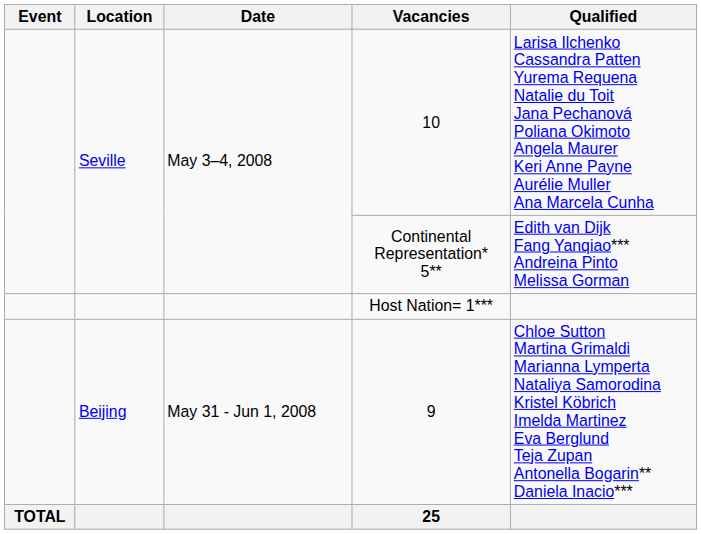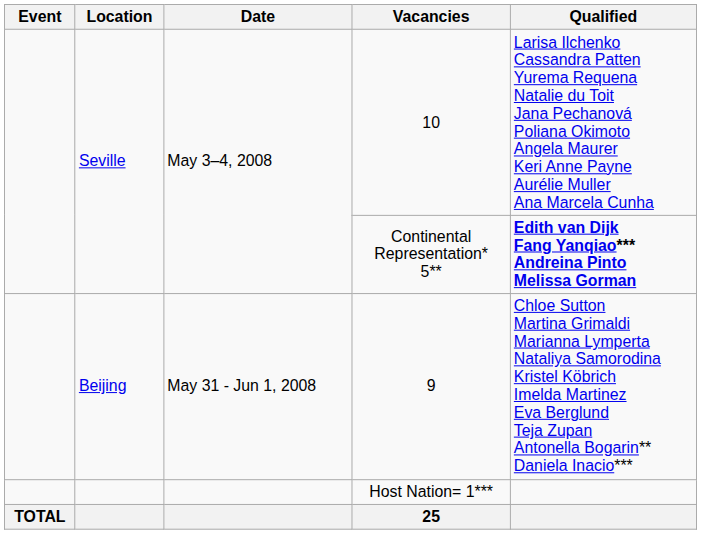 <table class=wikitable style="text-align:left" width=700>
 <tr>
 <th>Event</th>
 <th>Location</th>
 <th>Date</th>
 <th>Vacancies</th>
 <th>Qualified</th>
 </tr>
 <tr>
 <td rowspan=2></td>
 <td rowspan=2> <a href='#'>Seville</a></td>
 <td rowspan=2>May 3–4, 2008</td>
 <td align="center">10</td>
 <td> <a href='#'>Larisa Ilchenko</a> <br> <a href='#'>Cassandra Patten</a><br>  <a href='#'>Yurema Requena</a> <br> <a href='#'>Natalie du Toit</a><br> <a href='#'>Jana Pechanová</a><br> <a href='#'>Poliana Okimoto</a><br> <a href='#'>Angela Maurer</a><br> <a href='#'>Keri Anne Payne</a><br> <a href='#'>Aurélie Muller</a><br> <a href='#'>Ana Marcela Cunha</a></td>
 </tr>
 <tr>
 <td align="center">Continental <br> Representation* <br>5**</td>
-<td> <a href='#'>Edith van Dijk</a><br> <a href='#'>Fang Yanqiao</a>*** <br> <a href='#'>Andreina Pinto</a> <br> <a href='#'>Melissa Gorman</a></td>
+<td><strong> <a href='#'>Edith van Dijk</a><br> <a href='#'>Fang Yanqiao</a>*** <br> <a href='#'>Andreina Pinto</a> <br> <a href='#'>Melissa Gorman</a></strong></td>
+</tr>
+<tr>
+<td></td>
+<td> <a href='#'>Beijing</a></td>
+<td>May 31 - Jun 1, 2008</td>
+<td align="center">9</td>
+<td> <a href='#'>Chloe Sutton</a><br> <a href='#'>Martina Grimaldi</a><br> <a href='#'>Marianna Lymperta</a><br> <a href='#'>Nataliya Samorodina</a><br><a href='#'>Kristel Köbrich</a><br> <a href='#'>Imelda Martinez</a><br> <a href='#'>Eva Berglund</a><br> <a href='#'>Teja Zupan</a><br> <a href='#'>Antonella Bogarin</a>**<br> <a href='#'>Daniela Inacio</a>***</td>
 </tr>
 <tr>
 <td></td>
 <td></td>
 <td></td>
 <td align="center">Host Nation= 1***</td>
 <td></td>
 </tr>
 <tr>
-<td></td>
-<td> <a href='#'>Beijing</a></td>
-<td>May 31 - Jun 1, 2008</td>
-<td align="center">9</td>
-<td> <a href='#'>Chloe Sutton</a><br> <a href='#'>Martina Grimaldi</a><br> <a href='#'>Marianna Lymperta</a><br> <a href='#'>Nataliya Samorodina</a><br><a href='#'>Kristel Köbrich</a><br> <a href='#'>Imelda Martinez</a><br> <a href='#'>Eva Berglund</a><br> <a href='#'>Teja Zupan</a><br> <a href='#'>Antonella Bogarin</a>**<br> <a href='#'>Daniela Inacio</a>***</td>
-</tr>
-<tr>
 <th>TOTAL</th>
 <th></th>
 <th></th>
 <th>25</th>
 <th></th>
 </tr>
 </table>
